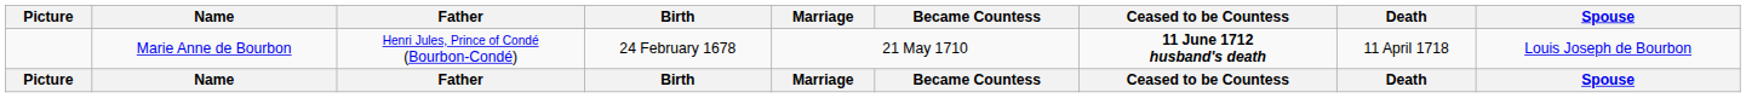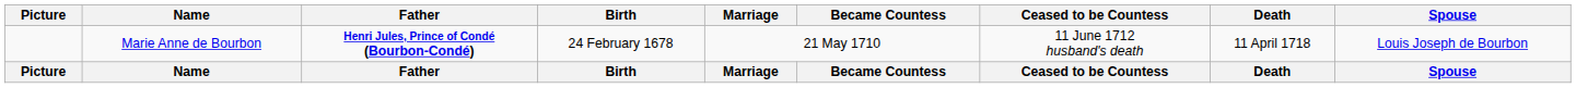 <table style="width:95%;" class="wikitable">
 <tr>
 <th>Picture</th>
 <th>Name</th>
 <th>Father</th>
 <th>Birth</th>
 <th>Marriage</th>
 <th>Became Countess</th>
 <th>Ceased to be Countess</th>
 <th>Death</th>
 <th><a href='#'>Spouse</a></th>
 </tr>
 <tr>
 <td style="text-align:center;"></td>
 <td style="text-align:center;"><a href='#'>Marie Anne de Bourbon</a><br></td>
-<td style="text-align:center;"><small><a href='#'>Henri Jules, Prince of Condé</a></small><br> (<a href='#'>Bourbon-Condé</a>)</td>
+<td style="text-align:center;"><strong><small><a href='#'>Henri Jules, Prince of Condé</a></small><br> (<a href='#'>Bourbon-Condé</a>)</strong></td>
 <td style="text-align:center;">24 February 1678</td>
 <td style="text-align:center;" colspan="2">21 May 1710</td>
-<td style="text-align:center;"><strong>11 June 1712<br><em>husband's death</em></strong></td>
+<td style="text-align:center;">11 June 1712<br><em>husband's death</em></td>
 <td style="text-align:center;">11 April 1718</td>
 <td style="text-align:center;"><a href='#'>Louis Joseph de Bourbon</a></td>
 </tr>
 <tr>
 <th>Picture</th>
 <th>Name</th>
 <th>Father</th>
 <th>Birth</th>
 <th>Marriage</th>
 <th>Became Countess</th>
 <th>Ceased to be Countess</th>
 <th>Death</th>
 <th><a href='#'>Spouse</a></th>
 </tr>
 </table>
